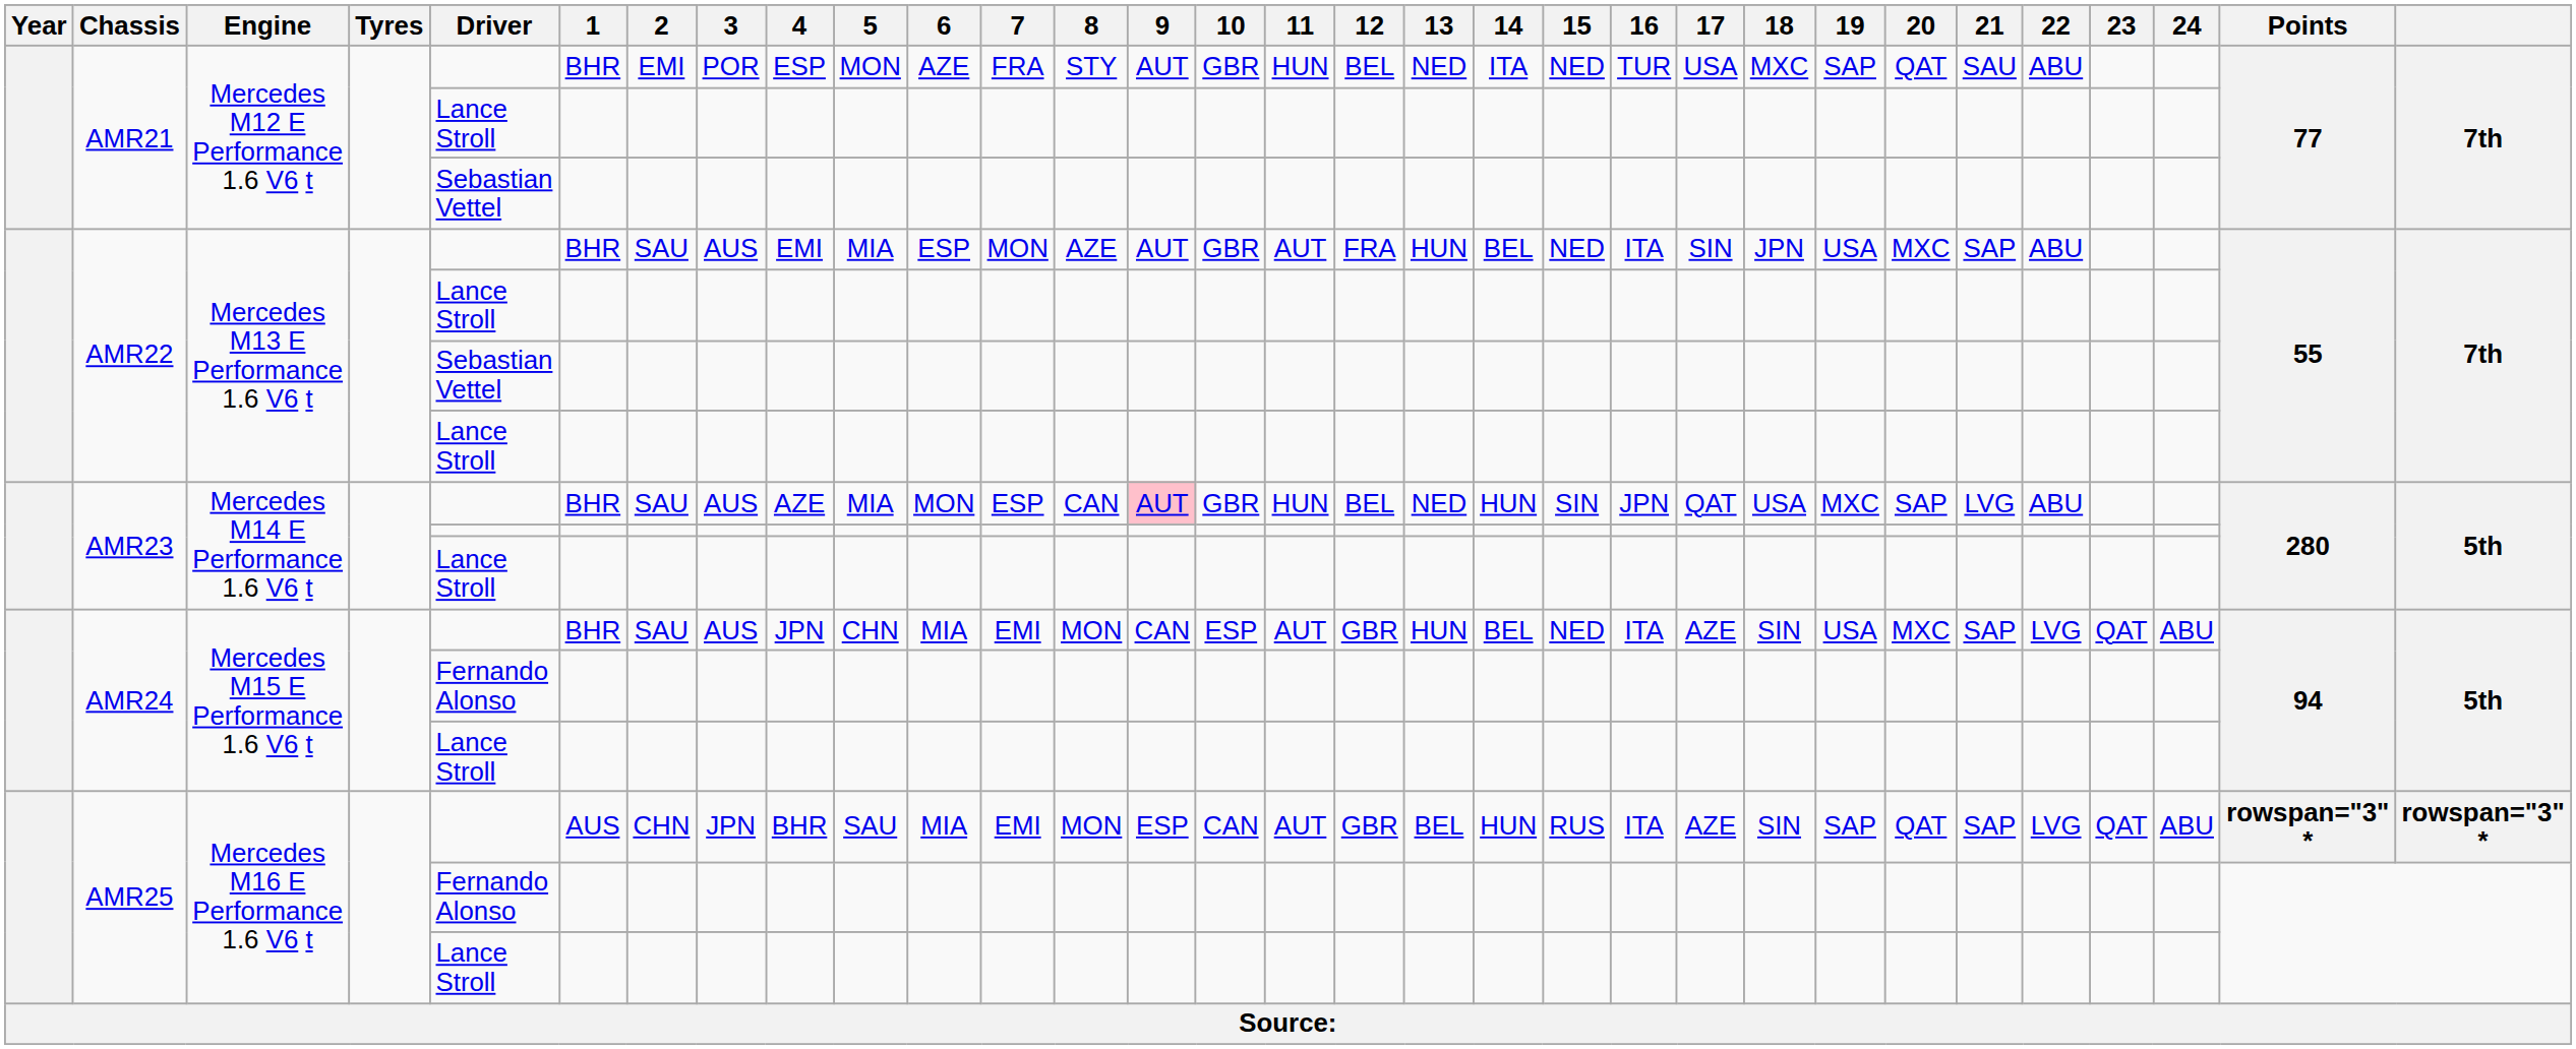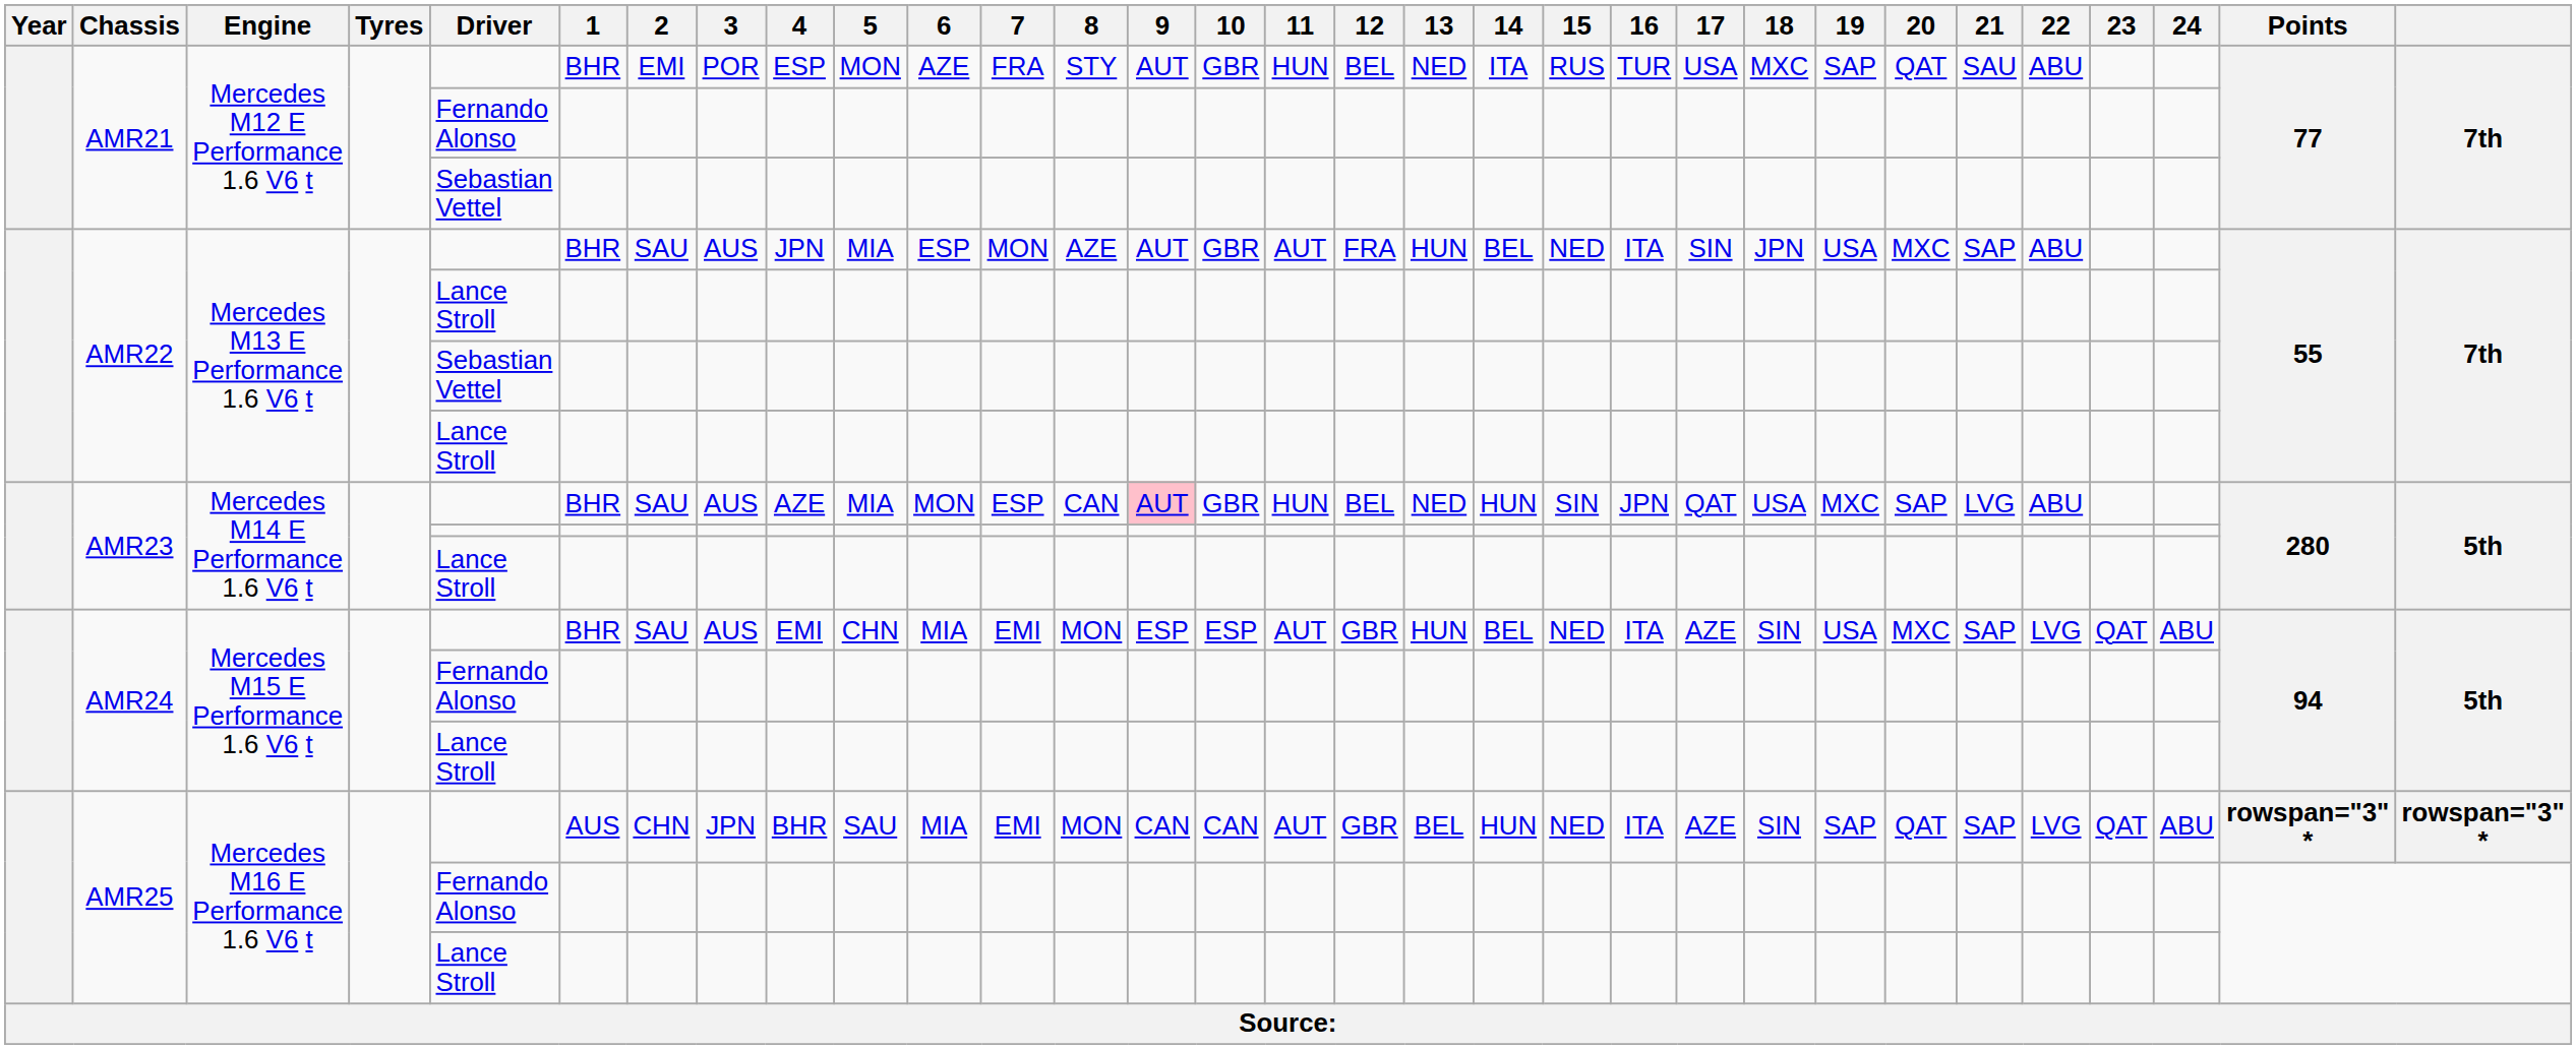 <table class="wikitable" style="text-align:center; font-size:85%;">
 <tr>
 <th>Year</th>
 <th>Chassis</th>
 <th>Engine</th>
 <th>Tyres</th>
 <th>Driver</th>
 <th>1</th>
 <th>2</th>
 <th>3</th>
 <th>4</th>
 <th>5</th>
 <th>6</th>
 <th>7</th>
 <th>8</th>
 <th>9</th>
 <th>10</th>
 <th>11</th>
 <th>12</th>
 <th>13</th>
 <th>14</th>
 <th>15</th>
 <th>16</th>
 <th>17</th>
 <th>18</th>
 <th>19</th>
 <th>20</th>
 <th>21</th>
 <th>22</th>
 <th>23</th>
 <th>24</th>
 <th>Points</th>
 <th></th>
 </tr>
 <tr>
 <th rowspan="3"></th>
 <td rowspan="3"><a href='#'>AMR21</a></td>
 <td rowspan="3"><a href='#'>Mercedes</a> <a href='#'>M12 E Performance</a> 1.6 <a href='#'>V6</a> <a href='#'>t</a></td>
 <td rowspan="3"></td>
 <td></td>
 <td><a href='#'>BHR</a></td>
 <td><a href='#'>EMI</a></td>
 <td><a href='#'>POR</a></td>
 <td><a href='#'>ESP</a></td>
 <td><a href='#'>MON</a></td>
 <td><a href='#'>AZE</a></td>
 <td><a href='#'>FRA</a></td>
 <td><a href='#'>STY</a></td>
 <td><a href='#'>AUT</a></td>
 <td><a href='#'>GBR</a></td>
 <td><a href='#'>HUN</a></td>
 <td><a href='#'>BEL</a></td>
 <td><a href='#'>NED</a></td>
 <td><a href='#'>ITA</a></td>
-<td><a href='#'>NED</a></td>
+<td><a href='#'>RUS</a></td>
 <td><a href='#'>TUR</a></td>
 <td><a href='#'>USA</a></td>
 <td><a href='#'>MXC</a></td>
 <td><a href='#'>SAP</a></td>
 <td><a href='#'>QAT</a></td>
 <td><a href='#'>SAU</a></td>
 <td><a href='#'>ABU</a></td>
 <td></td>
 <td></td>
 <th rowspan="3">77</th>
 <th rowspan="3">7th</th>
 </tr>
 <tr>
-<td align="left"> <a href='#'>Lance Stroll</a></td>
+<td align=left> <a href='#'>Fernando Alonso</a></td>
 <td></td>
 <td></td>
 <td></td>
 <td></td>
 <td></td>
 <td></td>
 <td></td>
 <td></td>
 <td></td>
 <td></td>
 <td></td>
 <td></td>
 <td></td>
 <td></td>
 <td></td>
 <td></td>
 <td></td>
 <td></td>
 <td></td>
 <td></td>
 <td></td>
 <td></td>
 <td></td>
 <td></td>
 </tr>
 <tr>
 <td align="left"> <a href='#'>Sebastian Vettel</a></td>
 <td></td>
 <td></td>
 <td></td>
 <td></td>
 <td></td>
 <td></td>
 <td></td>
 <td></td>
 <td></td>
 <td></td>
 <td></td>
 <td></td>
 <td></td>
 <td></td>
 <td></td>
 <td></td>
 <td></td>
 <td></td>
 <td></td>
 <td></td>
 <td></td>
 <td></td>
 <td></td>
 <td></td>
 </tr>
 <tr>
 <th rowspan="4"></th>
 <td rowspan="4"><a href='#'>AMR22</a></td>
 <td rowspan="4"><a href='#'>Mercedes</a> <a href='#'>M13 E Performance</a> 1.6 <a href='#'>V6</a> <a href='#'>t</a></td>
 <td rowspan="4"></td>
 <td></td>
 <td><a href='#'>BHR</a></td>
 <td><a href='#'>SAU</a></td>
 <td><a href='#'>AUS</a></td>
-<td><a href='#'>EMI</a></td>
+<td><a href='#'>JPN</a></td>
 <td><a href='#'>MIA</a></td>
 <td><a href='#'>ESP</a></td>
 <td><a href='#'>MON</a></td>
 <td><a href='#'>AZE</a></td>
 <td><a href='#'>AUT</a></td>
 <td><a href='#'>GBR</a></td>
 <td><a href='#'>AUT</a></td>
 <td><a href='#'>FRA</a></td>
 <td><a href='#'>HUN</a></td>
 <td><a href='#'>BEL</a></td>
 <td><a href='#'>NED</a></td>
 <td><a href='#'>ITA</a></td>
 <td><a href='#'>SIN</a></td>
 <td><a href='#'>JPN</a></td>
 <td><a href='#'>USA</a></td>
 <td><a href='#'>MXC</a></td>
 <td><a href='#'>SAP</a></td>
 <td><a href='#'>ABU</a></td>
 <td></td>
 <td></td>
 <th rowspan="4">55</th>
 <th rowspan="4">7th</th>
 </tr>
 <tr>
 <td align="left"> <a href='#'>Lance Stroll</a></td>
 <td></td>
 <td></td>
 <td></td>
 <td></td>
 <td></td>
 <td></td>
 <td></td>
 <td></td>
 <td></td>
 <td></td>
 <td></td>
 <td></td>
 <td></td>
 <td></td>
 <td></td>
 <td></td>
 <td></td>
 <td></td>
 <td></td>
 <td></td>
 <td></td>
 <td></td>
 <td></td>
 <td></td>
 </tr>
 <tr>
 <td align="left"> <a href='#'>Sebastian Vettel</a></td>
 <td></td>
 <td></td>
 <td></td>
 <td></td>
 <td></td>
 <td></td>
 <td></td>
 <td></td>
 <td></td>
 <td></td>
 <td></td>
 <td></td>
 <td></td>
 <td></td>
 <td></td>
 <td></td>
 <td></td>
 <td></td>
 <td></td>
 <td></td>
 <td></td>
 <td></td>
 <td></td>
 <td></td>
 </tr>
 <tr>
 <td align=left> <a href='#'>Lance Stroll</a></td>
 <td></td>
 <td></td>
 <td></td>
 <td></td>
 <td></td>
 <td></td>
 <td></td>
 <td></td>
 <td></td>
 <td></td>
 <td></td>
 <td></td>
 <td></td>
 <td></td>
 <td></td>
 <td></td>
 <td></td>
 <td></td>
 <td></td>
 <td></td>
 <td></td>
 <td></td>
 <td></td>
 <td></td>
 </tr>
 <tr>
 <th rowspan="3"></th>
 <td rowspan="3"><a href='#'>AMR23</a></td>
 <td rowspan="3"><a href='#'>Mercedes</a> <a href='#'>M14 E Performance</a> 1.6 <a href='#'>V6</a> <a href='#'>t</a></td>
 <td rowspan="3"></td>
 <td></td>
 <td><a href='#'>BHR</a></td>
 <td><a href='#'>SAU</a></td>
 <td><a href='#'>AUS</a></td>
 <td><a href='#'>AZE</a></td>
 <td><a href='#'>MIA</a></td>
 <td><a href='#'>MON</a></td>
 <td><a href='#'>ESP</a></td>
 <td><a href='#'>CAN</a></td>
 <td style="background: pink;"><a href='#'>AUT</a></td>
 <td><a href='#'>GBR</a></td>
 <td><a href='#'>HUN</a></td>
 <td><a href='#'>BEL</a></td>
 <td><a href='#'>NED</a></td>
 <td><a href='#'>HUN</a></td>
 <td><a href='#'>SIN</a></td>
 <td><a href='#'>JPN</a></td>
 <td><a href='#'>QAT</a></td>
 <td><a href='#'>USA</a></td>
 <td><a href='#'>MXC</a></td>
 <td><a href='#'>SAP</a></td>
 <td><a href='#'>LVG</a></td>
 <td><a href='#'>ABU</a></td>
 <td></td>
 <td></td>
 <th rowspan="3">280</th>
 <th rowspan="3">5th</th>
 </tr>
 <tr>
 <td align="left"></td>
 <td></td>
 <td></td>
 <td></td>
 <td></td>
 <td></td>
 <td></td>
 <td></td>
 <td></td>
 <td></td>
 <td></td>
 <td></td>
 <td></td>
 <td></td>
 <td></td>
 <td></td>
 <td></td>
 <td></td>
 <td></td>
 <td></td>
 <td></td>
 <td></td>
 <td></td>
 <td></td>
 <td></td>
 </tr>
 <tr>
 <td align=left> <a href='#'>Lance Stroll</a></td>
 <td></td>
 <td></td>
 <td></td>
 <td></td>
 <td></td>
 <td></td>
 <td></td>
 <td></td>
 <td></td>
 <td></td>
 <td></td>
 <td></td>
 <td></td>
 <td></td>
 <td></td>
 <td></td>
 <td></td>
 <td></td>
 <td></td>
 <td></td>
 <td></td>
 <td></td>
 <td></td>
 <td></td>
 </tr>
 <tr>
 <th rowspan="3"></th>
 <td rowspan="3"><a href='#'>AMR24</a></td>
 <td rowspan="3"><a href='#'>Mercedes</a> <a href='#'>M15 E Performance</a> 1.6 <a href='#'>V6</a> <a href='#'>t</a></td>
 <td rowspan="3"></td>
 <td></td>
 <td><a href='#'>BHR</a></td>
 <td><a href='#'>SAU</a></td>
 <td><a href='#'>AUS</a></td>
-<td><a href='#'>JPN</a></td>
+<td><a href='#'>EMI</a></td>
 <td><a href='#'>CHN</a></td>
 <td><a href='#'>MIA</a></td>
 <td><a href='#'>EMI</a></td>
 <td><a href='#'>MON</a></td>
-<td><a href='#'>CAN</a></td>
+<td><a href='#'>ESP</a></td>
 <td><a href='#'>ESP</a></td>
 <td><a href='#'>AUT</a></td>
 <td><a href='#'>GBR</a></td>
 <td><a href='#'>HUN</a></td>
 <td><a href='#'>BEL</a></td>
 <td><a href='#'>NED</a></td>
 <td><a href='#'>ITA</a></td>
 <td><a href='#'>AZE</a></td>
 <td><a href='#'>SIN</a></td>
 <td><a href='#'>USA</a></td>
 <td><a href='#'>MXC</a></td>
 <td><a href='#'>SAP</a></td>
 <td><a href='#'>LVG</a></td>
 <td><a href='#'>QAT</a></td>
 <td><a href='#'>ABU</a></td>
 <th rowspan="3">94</th>
 <th rowspan="3">5th</th>
 </tr>
 <tr>
 <td align="left"> <a href='#'>Fernando Alonso</a></td>
 <td></td>
 <td></td>
 <td></td>
 <td></td>
 <td></td>
 <td></td>
 <td></td>
 <td></td>
 <td></td>
 <td></td>
 <td></td>
 <td></td>
 <td></td>
 <td></td>
 <td></td>
 <td></td>
 <td></td>
 <td></td>
 <td></td>
 <td></td>
 <td></td>
 <td></td>
 <td></td>
 <td></td>
 </tr>
 <tr>
 <td align=left> <a href='#'>Lance Stroll</a></td>
 <td></td>
 <td></td>
 <td></td>
 <td></td>
 <td></td>
 <td></td>
 <td></td>
 <td></td>
 <td></td>
 <td></td>
 <td></td>
 <td></td>
 <td></td>
 <td></td>
 <td></td>
 <td></td>
 <td></td>
 <td></td>
 <td></td>
 <td></td>
 <td></td>
 <td></td>
 <td></td>
 <td></td>
 </tr>
 <tr>
 <th rowspan="3"></th>
 <td rowspan="3"><a href='#'>AMR25</a></td>
 <td rowspan="3"><a href='#'>Mercedes</a> <a href='#'>M16 E Performance</a> 1.6 <a href='#'>V6</a> <a href='#'>t</a></td>
 <td rowspan="3"></td>
 <td></td>
 <td><a href='#'>AUS</a></td>
 <td><a href='#'>CHN</a></td>
 <td><a href='#'>JPN</a></td>
 <td><a href='#'>BHR</a></td>
 <td><a href='#'>SAU</a></td>
 <td><a href='#'>MIA</a></td>
 <td><a href='#'>EMI</a></td>
 <td><a href='#'>MON</a></td>
-<td><a href='#'>ESP</a></td>
+<td><a href='#'>CAN</a></td>
 <td><a href='#'>CAN</a></td>
 <td><a href='#'>AUT</a></td>
 <td><a href='#'>GBR</a></td>
 <td><a href='#'>BEL</a></td>
 <td><a href='#'>HUN</a></td>
-<td><a href='#'>RUS</a></td>
+<td><a href='#'>NED</a></td>
 <td><a href='#'>ITA</a></td>
 <td><a href='#'>AZE</a></td>
 <td><a href='#'>SIN</a></td>
 <td><a href='#'>SAP</a></td>
 <td><a href='#'>QAT</a></td>
 <td><a href='#'>SAP</a></td>
 <td><a href='#'>LVG</a></td>
 <td><a href='#'>QAT</a></td>
 <td><a href='#'>ABU</a></td>
 <th>rowspan="3" *</th>
 <th>rowspan="3" *</th>
 </tr>
 <tr>
 <td align=left> <a href='#'>Fernando Alonso</a></td>
 <td></td>
 <td></td>
 <td></td>
 <td></td>
 <td></td>
 <td></td>
 <td></td>
 <td></td>
 <td></td>
 <td></td>
 <td></td>
 <td></td>
 <td></td>
 <td></td>
 <td></td>
 <td></td>
 <td></td>
 <td></td>
 <td></td>
 <td></td>
 <td></td>
 <td></td>
 <td></td>
 <td></td>
 </tr>
 <tr>
 <td align=left> <a href='#'>Lance Stroll</a></td>
 <td></td>
 <td></td>
 <td></td>
 <td></td>
 <td></td>
 <td></td>
 <td></td>
 <td></td>
 <td></td>
 <td></td>
 <td></td>
 <td></td>
 <td></td>
 <td></td>
 <td></td>
 <td></td>
 <td></td>
 <td></td>
 <td></td>
 <td></td>
 <td></td>
 <td></td>
 <td></td>
 <td></td>
 </tr>
 <tr>
 <th colspan="31">Source:</th>
 </tr>
 </table>
